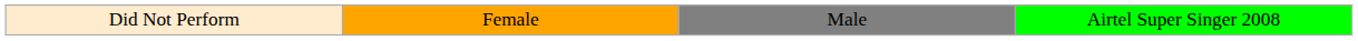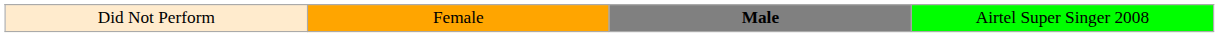 <table class="wikitable" style="margin:1em auto; text-align:center;">
 <tr>
 </tr>
 <tr>
 <td style="background:#FFEBCD;" width="15%">Did Not Perform</td>
 <td style="background:orange;foreground:white;" width="15%">Female</td>
-<td style="background:gray;" width="15%">Male</td>
+<td style="background:gray;" width="15%"><strong>Male</strong></td>
 <td style="background:lime;" width="15%">Airtel Super Singer 2008</td>
 </tr>
 </table>
